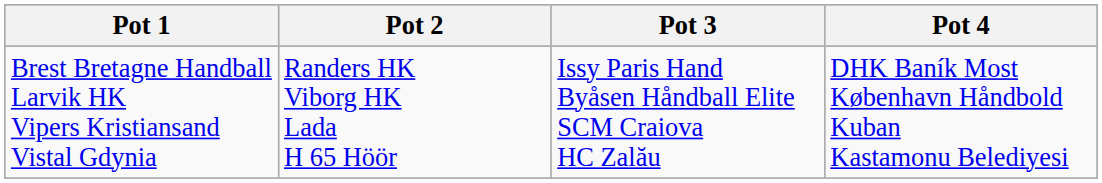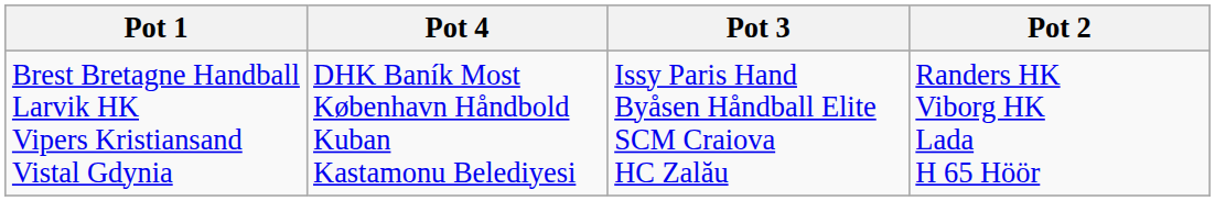 <table class="wikitable">
 <tr>
 <th style="width:25%;">Pot 1</th>
+<th style="width:25%;">Pot 4</th>
+<th style="width:25%;">Pot 3</th>
 <th style="width:25%;">Pot 2</th>
-<th style="width:25%;">Pot 3</th>
-<th style="width:25%;">Pot 4</th>
 </tr>
 <tr>
 <td valign="top"> <a href='#'>Brest Bretagne Handball</a><br> <a href='#'>Larvik HK</a><br> <a href='#'>Vipers Kristiansand</a><br> <a href='#'>Vistal Gdynia</a></td>
+<td valign="top"> <a href='#'>DHK Baník Most</a><br> <a href='#'>København Håndbold</a><br> <a href='#'>Kuban</a><br> <a href='#'>Kastamonu Belediyesi</a></td>
+<td valign="top"> <a href='#'>Issy Paris Hand</a><br> <a href='#'>Byåsen Håndball Elite</a><br> <a href='#'>SCM Craiova</a><br> <a href='#'>HC Zalău</a></td>
 <td valign="top"> <a href='#'>Randers HK</a><br> <a href='#'>Viborg HK</a><br> <a href='#'>Lada</a><br> <a href='#'>H 65 Höör</a></td>
-<td valign="top"> <a href='#'>Issy Paris Hand</a><br> <a href='#'>Byåsen Håndball Elite</a><br> <a href='#'>SCM Craiova</a><br> <a href='#'>HC Zalău</a></td>
-<td valign="top"> <a href='#'>DHK Baník Most</a><br> <a href='#'>København Håndbold</a><br> <a href='#'>Kuban</a><br> <a href='#'>Kastamonu Belediyesi</a></td>
 </tr>
 </table>
